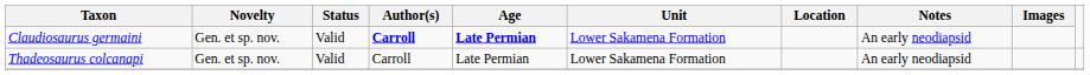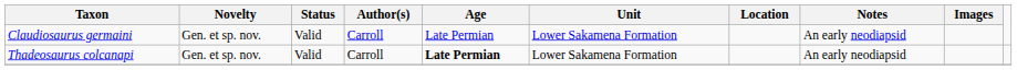 <table class="wikitable sortable" width="100%">
 <tr>
 <th>Taxon</th>
 <th>Novelty</th>
 <th>Status</th>
 <th>Author(s)</th>
 <th>Age</th>
 <th>Unit</th>
 <th>Location</th>
 <th>Notes</th>
 <th>Images</th>
 </tr>
 <tr>
 <td><em><a href='#'>Claudiosaurus germaini</a></em></td>
 <td>Gen. et sp. nov.</td>
 <td>Valid</td>
-<td><strong><a href='#'>Carroll</a></strong></td>
-<td><strong><a href='#'>Late Permian</a></strong></td>
+<td><a href='#'>Carroll</a></td>
+<td><a href='#'>Late Permian</a></td>
 <td><a href='#'>Lower Sakamena Formation</a></td>
 <td></td>
 <td>An early <a href='#'>neodiapsid</a></td>
 <td></td>
 </tr>
 <tr>
 <td><em><a href='#'>Thadeosaurus colcanapi</a></em></td>
 <td>Gen. et sp. nov.</td>
 <td>Valid</td>
 <td>Carroll</td>
-<td>Late Permian</td>
+<td><strong>Late Permian</strong></td>
 <td>Lower Sakamena Formation</td>
 <td></td>
 <td>An early neodiapsid</td>
 <td></td>
 <td></td>
 </tr>
 <tr>
 </tr>
 </table>
